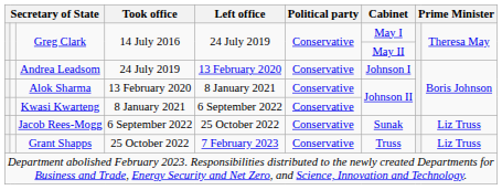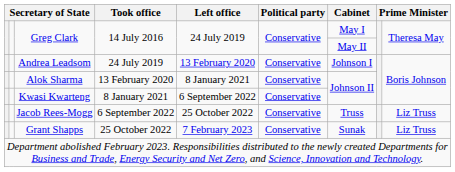 <table class="wikitable" style="text-align:center">
 <tr>
 <th colspan=3>Secretary of State</th>
 <th>Took office</th>
 <th>Left office</th>
 <th>Political party</th>
 <th>Cabinet</th>
 <th colspan="2">Prime Minister</th>
 </tr>
 <tr>
 <th rowspan="2" style="background-color:"></th>
 <td rowspan="2"></td>
 <td rowspan="2"><a href='#'>Greg Clark</a><br></td>
 <td rowspan="2">14 July 2016</td>
 <td rowspan="2">24 July 2019</td>
 <td rowspan="2" ><a href='#'>Conservative</a></td>
 <td><a href='#'>May I</a></td>
 <th rowspan="2" style="background-color:"></th>
 <td rowspan="2"><a href='#'>Theresa May</a></td>
 </tr>
 <tr>
 <td><a href='#'>May II</a></td>
 </tr>
 <tr>
 <th rowspan="2" style="background-color:"></th>
 <td rowspan="2"></td>
 <td rowspan="2"><a href='#'>Andrea Leadsom</a><br></td>
 <td rowspan="2">24 July 2019</td>
 <td rowspan="2"><a href='#'>13 February 2020</a></td>
 <td rowspan="2" ><a href='#'>Conservative</a></td>
 <td><a href='#'>Johnson I</a></td>
 <th rowspan="4" style="background-color:"></th>
 <td rowspan="4"><a href='#'>Boris Johnson</a></td>
 </tr>
 <tr>
 <td rowspan="3" ><a href='#'>Johnson II</a></td>
 </tr>
 <tr>
 <th style="background-color:"></th>
 <td></td>
 <td><a href='#'>Alok Sharma</a><br></td>
 <td>13 February 2020</td>
 <td>8 January 2021</td>
 <td><a href='#'>Conservative</a></td>
 </tr>
 <tr>
 <th style="background-color:"></th>
 <td></td>
 <td><a href='#'>Kwasi Kwarteng</a><br></td>
 <td>8 January 2021</td>
 <td>6 September 2022</td>
 <td><a href='#'>Conservative</a></td>
 </tr>
 <tr>
 <th style="background-color:"></th>
 <td></td>
 <td><a href='#'>Jacob Rees-Mogg</a><br></td>
 <td>6 September 2022</td>
 <td>25 October 2022</td>
 <td><a href='#'>Conservative</a></td>
-<td><a href='#'>Sunak</a></td>
+<td><a href='#'>Truss</a></td>
 <th style="background-color:"></th>
 <td><a href='#'>Liz Truss</a></td>
 </tr>
 <tr>
 <th style="background-color:"></th>
 <td></td>
 <td><a href='#'>Grant Shapps</a><br></td>
 <td>25 October 2022</td>
 <td><a href='#'>7 February 2023</a></td>
 <td><a href='#'>Conservative</a></td>
-<td><a href='#'>Truss</a></td>
+<td><a href='#'>Sunak</a></td>
 <th style="background-color:"></th>
 <td><a href='#'>Liz Truss</a></td>
 </tr>
 <tr>
 <td colspan="9" style="width:10px"><em>Department abolished February 2023. Responsibilities distributed to the newly created Departments for <a href='#'>Business and Trade</a>, <a href='#'>Energy Security and Net Zero</a>, and <a href='#'>Science, Innovation and Technology</a>.</em></td>
 </tr>
 </table>
